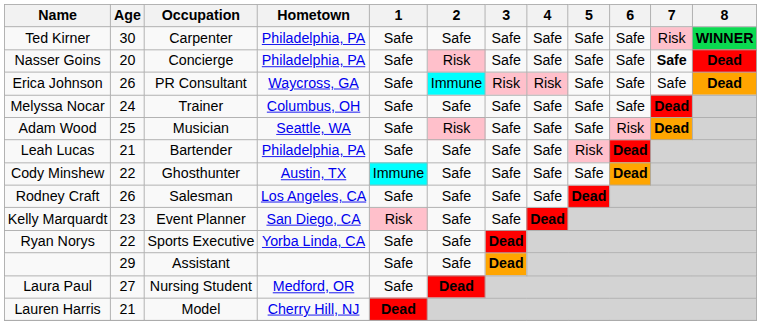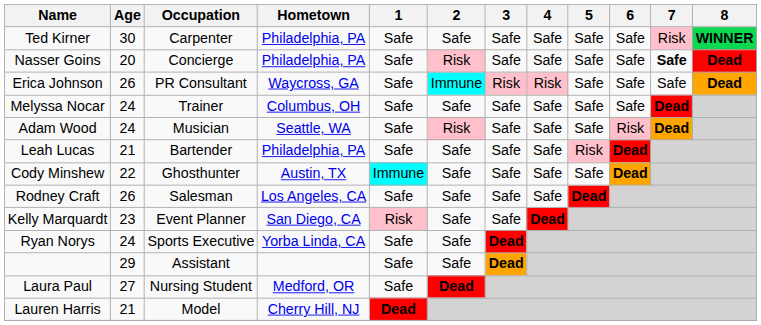 <table class="wikitable" style="text-align:center">
 <tr>
 <th>Name</th>
 <th>Age</th>
 <th>Occupation</th>
 <th>Hometown</th>
 <th>1</th>
 <th>2</th>
 <th>3</th>
 <th>4</th>
 <th>5</th>
 <th>6</th>
 <th>7</th>
 <th>8</th>
 </tr>
 <tr>
 <td>Ted Kirner</td>
 <td>30</td>
 <td>Carpenter</td>
 <td><a href='#'>Philadelphia, PA</a></td>
 <td>Safe</td>
 <td>Safe</td>
 <td>Safe</td>
 <td>Safe</td>
 <td>Safe</td>
 <td>Safe</td>
 <td bgcolor="pink">Risk</td>
 <td bgcolor="#0BDA51"><strong>WINNER</strong></td>
 </tr>
 <tr>
 <td>Nasser Goins</td>
 <td>20</td>
 <td>Concierge</td>
 <td><a href='#'>Philadelphia, PA</a></td>
 <td>Safe</td>
 <td bgcolor="pink">Risk</td>
 <td>Safe</td>
 <td>Safe</td>
 <td>Safe</td>
 <td>Safe</td>
 <td><strong>Safe</strong></td>
 <td bgcolor="red"><strong>Dead</strong></td>
 </tr>
 <tr>
 <td>Erica Johnson</td>
 <td>26</td>
 <td>PR Consultant</td>
 <td><a href='#'>Waycross, GA</a></td>
 <td>Safe</td>
 <td bgcolor="cyan">Immune</td>
 <td bgcolor="pink">Risk</td>
 <td bgcolor="pink">Risk</td>
 <td>Safe</td>
 <td>Safe</td>
 <td>Safe</td>
 <td bgcolor="orange"><strong>Dead</strong></td>
 </tr>
 <tr>
 <td>Melyssa Nocar</td>
 <td>24</td>
 <td>Trainer</td>
 <td><a href='#'>Columbus, OH</a></td>
 <td>Safe</td>
 <td>Safe</td>
 <td>Safe</td>
 <td>Safe</td>
 <td>Safe</td>
 <td>Safe</td>
 <td bgcolor="red"><strong>Dead</strong></td>
 <td bgcolor="lightgrey"></td>
 </tr>
 <tr>
 <td>Adam Wood</td>
-<td>25</td>
+<td>24</td>
 <td>Musician</td>
 <td><a href='#'>Seattle, WA</a></td>
 <td>Safe</td>
 <td bgcolor="pink">Risk</td>
 <td>Safe</td>
 <td>Safe</td>
 <td>Safe</td>
 <td bgcolor="pink">Risk</td>
 <td bgcolor="orange"><strong>Dead</strong></td>
 <td bgcolor="lightgrey"></td>
 </tr>
 <tr>
 <td>Leah Lucas</td>
 <td>21</td>
 <td>Bartender</td>
 <td><a href='#'>Philadelphia, PA</a></td>
 <td>Safe</td>
 <td>Safe</td>
 <td>Safe</td>
 <td>Safe</td>
 <td bgcolor="pink">Risk</td>
 <td bgcolor="red"><strong>Dead</strong></td>
 <td bgcolor="lightgrey" colspan=2></td>
 </tr>
 <tr>
 <td>Cody Minshew</td>
 <td>22</td>
 <td>Ghosthunter</td>
 <td><a href='#'>Austin, TX</a></td>
 <td bgcolor="cyan">Immune</td>
 <td>Safe</td>
 <td>Safe</td>
 <td>Safe</td>
 <td>Safe</td>
 <td bgcolor="orange"><strong>Dead</strong></td>
 <td bgcolor="lightgrey" colspan=2></td>
 </tr>
 <tr>
 <td>Rodney Craft</td>
 <td>26</td>
 <td>Salesman</td>
 <td><a href='#'>Los Angeles, CA</a></td>
 <td>Safe</td>
 <td>Safe</td>
 <td>Safe</td>
 <td>Safe</td>
 <td bgcolor="red"><strong>Dead</strong></td>
 <td bgcolor="lightgrey" colspan=3></td>
 </tr>
 <tr>
 <td>Kelly Marquardt</td>
 <td>23</td>
 <td>Event Planner</td>
 <td><a href='#'>San Diego, CA</a></td>
 <td bgcolor="pink">Risk</td>
 <td>Safe</td>
 <td>Safe</td>
 <td bgcolor="red"><strong>Dead</strong></td>
 <td bgcolor="lightgrey" colspan=4></td>
 </tr>
 <tr>
 <td>Ryan Norys</td>
-<td>22</td>
+<td>24</td>
 <td>Sports Executive</td>
 <td><a href='#'>Yorba Linda, CA</a></td>
 <td>Safe</td>
 <td>Safe</td>
 <td bgcolor="red"><strong>Dead</strong></td>
 <td bgcolor="lightgrey" colspan=5></td>
 </tr>
 <tr>
 <td></td>
 <td>29</td>
 <td>Assistant</td>
 <td></td>
 <td>Safe</td>
 <td>Safe</td>
 <td bgcolor="orange"><strong>Dead</strong></td>
 <td bgcolor="lightgrey" colspan=5></td>
 </tr>
 <tr>
 <td>Laura Paul</td>
 <td>27</td>
 <td>Nursing Student</td>
 <td><a href='#'>Medford, OR</a></td>
 <td>Safe</td>
 <td bgcolor="red"><strong>Dead</strong></td>
 <td bgcolor="lightgrey" colspan=6></td>
 </tr>
 <tr>
 <td>Lauren Harris</td>
 <td>21</td>
 <td>Model</td>
 <td><a href='#'>Cherry Hill, NJ</a></td>
 <td bgcolor="red"><strong>Dead</strong></td>
 <td bgcolor="lightgrey" colspan=7></td>
 </tr>
 <tr>
 </tr>
 </table>
